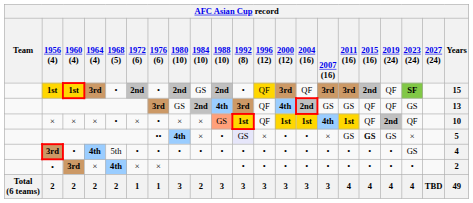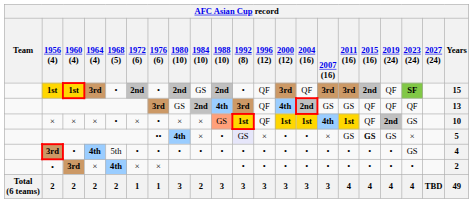 <table class="wikitable" style="text-align:center; font-size:85%;">
 <tr>
 <th colspan=21><a href='#'>AFC Asian Cup</a> record</th>
 </tr>
 <tr>
 <th>Team</th>
 <th><br><a href='#'>1956</a><br>(4)</th>
 <th><br><a href='#'>1960</a><br>(4)</th>
 <th><br><a href='#'>1964</a><br>(4)</th>
 <th><br><a href='#'>1968</a><br>(5)</th>
 <th><br><a href='#'>1972</a><br>(6)</th>
 <th><br><a href='#'>1976</a><br>(6)</th>
 <th><br><a href='#'>1980</a><br>(10)</th>
 <th><br><a href='#'>1984</a><br>(10)</th>
 <th><br><a href='#'>1988</a><br>(10)</th>
 <th><br><a href='#'>1992</a><br>(8)</th>
 <th><br><a href='#'>1996</a><br>(12)</th>
 <th><br><a href='#'>2000</a><br>(12)</th>
 <th><br><a href='#'>2004</a><br>(16)</th>
 <th><br><br><br><br><a href='#'>2007</a><br>(16)</th>
 <th><br><a href='#'>2011</a><br>(16)</th>
 <th><br><a href='#'>2015</a><br>(16)</th>
 <th><br><a href='#'>2019</a><br>(24)</th>
 <th><br><a href='#'>2023</a><br>(24)</th>
 <th><br><a href='#'>2027</a><br>(24)</th>
 <th>Years</th>
 </tr>
 <tr>
 <td align=left></td>
 <td bgcolor="gold"><strong>1st</strong></td>
 <td style="border: 3px solid red" bgcolor="gold"><strong>1st</strong></td>
 <td bgcolor=#cc9966><strong>3rd</strong></td>
 <td>•</td>
 <td bgcolor="silver"><strong>2nd</strong></td>
 <td>•</td>
 <td bgcolor="silver"><strong>2nd</strong></td>
 <td>GS</td>
 <td bgcolor="silver"><strong>2nd</strong></td>
 <td>•</td>
-<td style="background: gold;">QF</td>
+<td>QF</td>
 <td bgcolor=#cc9966><strong>3rd</strong></td>
 <td>QF</td>
 <td bgcolor=#cc9966><strong>3rd</strong></td>
 <td bgcolor=#cc9966><strong>3rd</strong></td>
 <td bgcolor="silver"><strong>2nd</strong></td>
 <td>QF</td>
 <td bgcolor=#81c846><strong>SF</strong></td>
 <td></td>
 <th>15</th>
 </tr>
 <tr>
 <td align=left></td>
 <td colspan=5></td>
 <td bgcolor=#cc9966><strong>3rd</strong></td>
 <td>GS</td>
 <td bgcolor="silver"><strong>2nd</strong></td>
 <td bgcolor=#9acdff><strong>4th</strong></td>
 <td bgcolor=#cc9966><strong>3rd</strong></td>
 <td>QF</td>
 <td bgcolor=#9acdff><strong>4th</strong></td>
 <td style="border: 3px solid red" bgcolor="silver"><strong>2nd</strong></td>
 <td>GS</td>
 <td>GS</td>
 <td>QF</td>
 <td>QF</td>
-<td>GS</td>
+<td>QF</td>
 <td></td>
 <th>13</th>
 </tr>
 <tr>
 <td align=left></td>
 <td>×</td>
 <td>×</td>
 <td>×</td>
 <td>•</td>
 <td>×</td>
 <td>•</td>
 <td>×</td>
 <td>×</td>
 <td style="background: lightsalmon;">GS</td>
 <td style="border: 3px solid red" bgcolor="gold"><strong>1st</strong></td>
 <td>QF</td>
 <td bgcolor="gold"><strong>1st</strong></td>
 <td bgcolor="gold"><strong>1st</strong></td>
 <td bgcolor=#9acdff><strong>4th</strong></td>
 <td bgcolor="gold"><strong>1st</strong></td>
 <td>QF</td>
 <td bgcolor="silver"><strong>2nd</strong></td>
-<td>QF</td>
+<td>GS</td>
 <td></td>
 <th>10</th>
 </tr>
 <tr>
 <td align=left></td>
 <td colspan=5></td>
 <td>••</td>
 <td bgcolor=#9acdff><strong>4th</strong></td>
 <td>×</td>
 <td>•</td>
 <td style="background: lavender;">GS</td>
 <td>×</td>
 <td>•</td>
 <td>•</td>
 <td>×</td>
 <td>GS</td>
 <td><strong>GS</strong></td>
 <td>GS</td>
 <td>×</td>
 <td></td>
 <th>5</th>
 </tr>
 <tr>
 <td align=left></td>
 <td style="border: 3px solid red" bgcolor=#cc9966><strong>3rd</strong></td>
 <td>•</td>
 <td bgcolor=#9acdff><strong>4th</strong></td>
 <td>5th</td>
 <td>•</td>
 <td>•</td>
 <td>•</td>
 <td>•</td>
 <td>•</td>
 <td>•</td>
 <td>•</td>
 <td>•</td>
 <td>•</td>
 <td>•</td>
 <td>•</td>
 <td>•</td>
 <td>•</td>
 <td>GS</td>
 <td></td>
 <th>4</th>
 </tr>
 <tr>
 <td align=left></td>
 <td>•</td>
 <td bgcolor=#cc9966><strong>3rd</strong></td>
 <td>×</td>
 <td bgcolor=#9acdff><strong>4th</strong></td>
 <td>×</td>
 <td>×</td>
 <td colspan=3></td>
 <td>•</td>
 <td>•</td>
 <td>•</td>
 <td>•</td>
 <td>•</td>
 <td>•</td>
 <td>•</td>
 <td>•</td>
 <td>•</td>
 <td></td>
 <th>2</th>
 </tr>
 <tr>
 <th align=left><strong>Total<br>(6 teams)</strong></th>
 <th><strong>2</strong></th>
 <th><strong>2</strong></th>
 <th><strong>2</strong></th>
 <th><strong>2</strong></th>
 <th><strong>1</strong></th>
 <th><strong>1</strong></th>
 <th><strong>3</strong></th>
 <th><strong>2</strong></th>
 <th><strong>3</strong></th>
 <th><strong>3</strong></th>
 <th><strong>3</strong></th>
 <th><strong>3</strong></th>
 <th><strong>3</strong></th>
 <th><strong>3</strong></th>
 <th><strong>4</strong></th>
 <th><strong>4</strong></th>
 <th><strong>4</strong></th>
 <th><strong>4</strong></th>
 <th><strong>TBD</strong></th>
 <th><strong>49</strong></th>
 </tr>
 </table>
